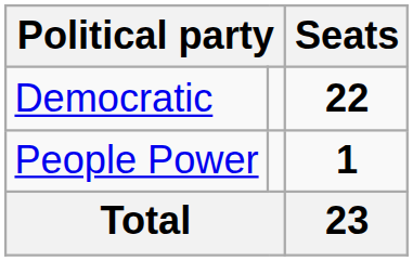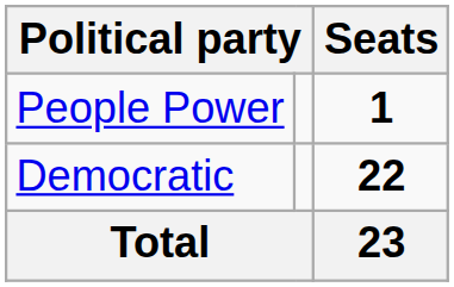 <table class="wikitable">
 <tr>
 <th colspan="2">Political party</th>
 <th>Seats</th>
+</tr>
+<tr>
+<td><a href='#'>People Power</a></td>
+<td style="background:"></td>
+<td style="text-align: center;"><strong>1</strong></td>
 </tr>
 <tr>
 <td><a href='#'>Democratic</a></td>
 <td style="background:"></td>
 <td style="text-align: center;"><strong>22</strong></td>
 </tr>
 <tr>
-<td><a href='#'>People Power</a></td>
-<td style="background:"></td>
-<td style="text-align: center;"><strong>1</strong></td>
-</tr>
-<tr>
 <th colspan="2">Total</th>
 <th>23</th>
 </tr>
 </table>
